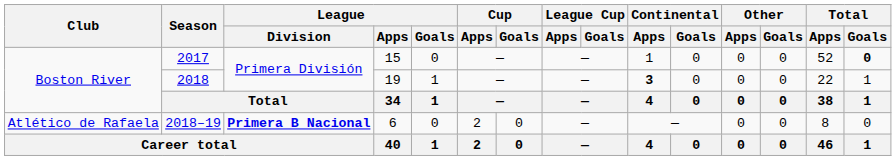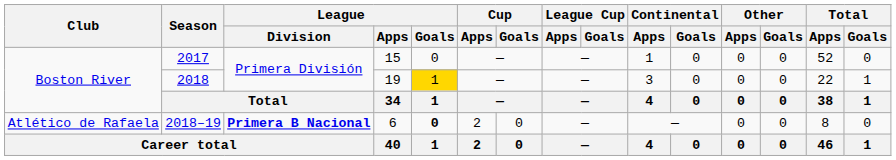 <table class="wikitable" style="text-align:center">
 <tr>
 <th rowspan="2">Club</th>
 <th rowspan="2">Season</th>
 <th colspan="3">League</th>
 <th colspan="2">Cup</th>
 <th colspan="2">League Cup</th>
 <th colspan="2">Continental</th>
 <th colspan="2">Other</th>
 <th colspan="2">Total</th>
 </tr>
 <tr>
 <th>Division</th>
 <th>Apps</th>
 <th>Goals</th>
 <th>Apps</th>
 <th>Goals</th>
 <th>Apps</th>
 <th>Goals</th>
 <th>Apps</th>
 <th>Goals</th>
 <th>Apps</th>
 <th>Goals</th>
 <th>Apps</th>
 <th>Goals</th>
 </tr>
 <tr>
 <td rowspan="3"><a href='#'>Boston River</a></td>
 <td><a href='#'>2017</a></td>
 <td rowspan="2"><a href='#'>Primera División</a></td>
 <td>15</td>
 <td>0</td>
 <td colspan="2">—</td>
 <td colspan="2">—</td>
 <td>1</td>
 <td>0</td>
 <td>0</td>
 <td>0</td>
 <td>52</td>
-<td><strong>0</strong></td>
+<td>0</td>
 </tr>
 <tr>
 <td><a href='#'>2018</a></td>
 <td>19</td>
-<td>1</td>
+<td style="background: gold;">1</td>
 <td colspan="2">—</td>
 <td colspan="2">—</td>
-<td><strong>3</strong></td>
+<td>3</td>
 <td>0</td>
 <td>0</td>
 <td>0</td>
 <td>22</td>
 <td>1</td>
 </tr>
 <tr>
 <th colspan="2">Total</th>
 <th>34</th>
 <th>1</th>
 <th colspan="2">—</th>
 <th colspan="2">—</th>
 <th>4</th>
 <th>0</th>
 <th>0</th>
 <th>0</th>
 <th>38</th>
 <th>1</th>
 </tr>
 <tr>
 <td rowspan="1"><a href='#'>Atlético de Rafaela</a></td>
 <td><a href='#'>2018–19</a></td>
 <td rowspan="1"><strong><a href='#'>Primera B Nacional</a></strong></td>
 <td>6</td>
-<td>0</td>
+<td><strong>0</strong></td>
 <td>2</td>
 <td>0</td>
 <td colspan="2">—</td>
 <td colspan="2">—</td>
 <td>0</td>
 <td>0</td>
 <td>8</td>
 <td>0</td>
 </tr>
 <tr>
 <th colspan="3">Career total</th>
 <th>40</th>
 <th>1</th>
 <th>2</th>
 <th>0</th>
 <th colspan="2">—</th>
 <th>4</th>
 <th>0</th>
 <th>0</th>
 <th>0</th>
 <th>46</th>
 <th>1</th>
 </tr>
 </table>
